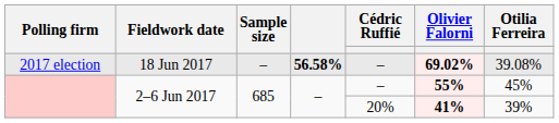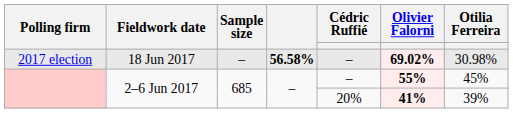 <table class="wikitable sortable" style="text-align:center;font-size:90%;line-height:14px;">
 <tr style="height:40px;">
 <th style="width:100px;" rowspan="2">Polling firm</th>
 <th style="width:110px;" rowspan="2">Fieldwork date</th>
 <th style="width:35px;" rowspan="2">Sample<br>size</th>
 <th style="width:30px;" rowspan="2"></th>
 <th class="unsortable" style="width:60px;">Cédric Ruffié<br></th>
 <th class="unsortable" style="width:60px;"><a href='#'>Olivier Falorni</a><br></th>
 <th class="unsortable" style="width:60px;">Otilia Ferreira<br></th>
 </tr>
 <tr>
 <th style="background:"></th>
 <th style="background:"></th>
 <th style="background:"></th>
 </tr>
 <tr style="background:#E9E9E9;">
 <td><a href='#'>2017 election</a></td>
 <td data-sort-value="2017-06-18">18 Jun 2017</td>
 <td>–</td>
 <td><strong>56.58%</strong></td>
 <td>–</td>
 <td style="background:#FFEDED;"><strong>69.02%</strong></td>
-<td>39.08%</td>
+<td>30.98%</td>
 </tr>
 <tr>
 <td rowspan="2" style="background:#FFCCCC;"></td>
 <td rowspan="2" data-sort-value="2017-06-06">2–6 Jun 2017</td>
 <td rowspan="2">685</td>
 <td rowspan="2">–</td>
 <td>–</td>
 <td style="background:#FFEDED;"><strong>55%</strong></td>
 <td>45%</td>
 </tr>
 <tr>
 <td>20%</td>
 <td style="background:#FFEDED;"><strong>41%</strong></td>
 <td>39%</td>
 </tr>
 </table>
